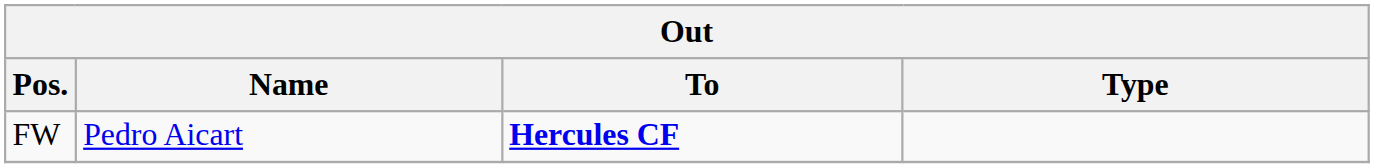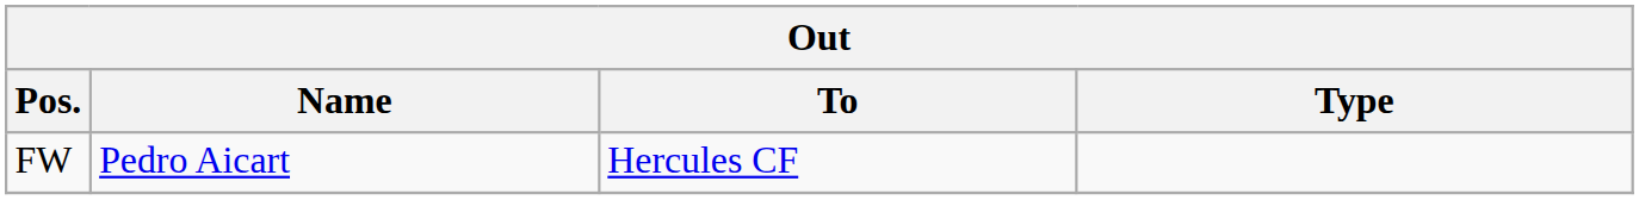 <table class="wikitable" style="font-size:90%;width:99%;">
 <tr>
 <th colspan="4">Out</th>
 </tr>
 <tr>
 <th width=3%>Pos.</th>
 <th width=32%>Name</th>
 <th width=30%>To</th>
 <th width=35%>Type</th>
 </tr>
 <tr>
 <td>FW</td>
 <td><a href='#'>Pedro Aicart</a></td>
-<td><strong><a href='#'>Hercules CF</a></strong></td>
+<td><a href='#'>Hercules CF</a></td>
 <td></td>
 </tr>
 <tr>
 </tr>
 </table>
